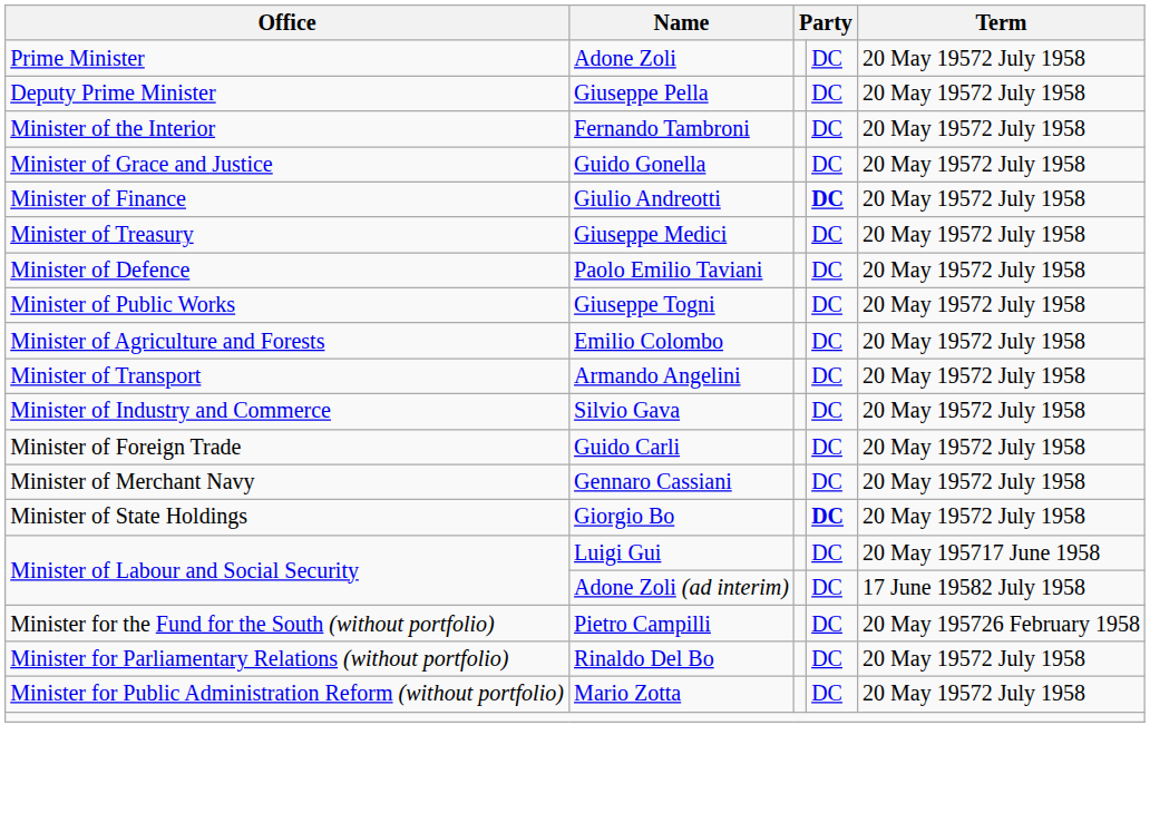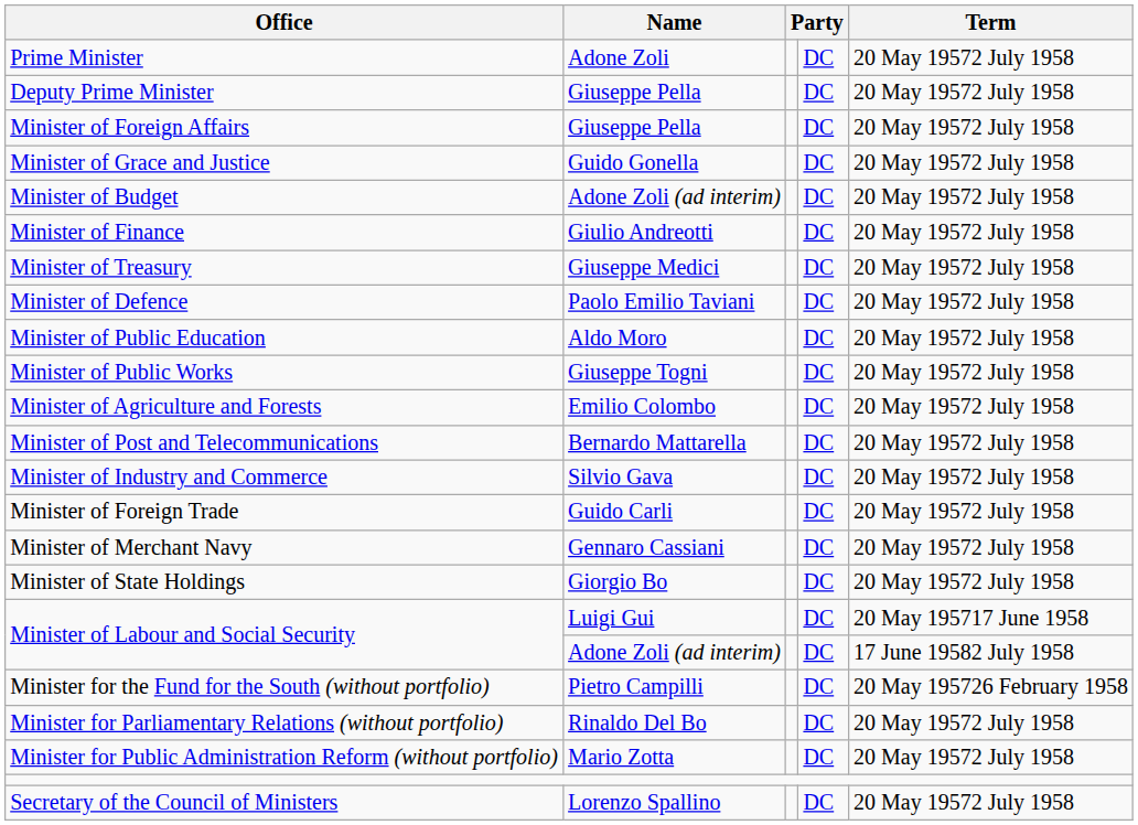 <table class="wikitable">
 <tr>
 <th>Office</th>
 <th>Name</th>
 <th colspan=2>Party</th>
 <th>Term</th>
 </tr>
 <tr>
 <td><a href='#'>Prime Minister</a></td>
 <td><a href='#'>Adone Zoli</a></td>
 <td></td>
 <td><a href='#'>DC</a></td>
 <td>20 May 19572 July 1958</td>
 </tr>
 <tr>
 <td><a href='#'>Deputy Prime Minister</a></td>
 <td><a href='#'>Giuseppe Pella</a></td>
 <td></td>
 <td><a href='#'>DC</a></td>
 <td>20 May 19572 July 1958</td>
 </tr>
 <tr>
-<td><a href='#'>Minister of the Interior</a></td>
-<td><a href='#'>Fernando Tambroni</a></td>
+<td><a href='#'>Minister of Foreign Affairs</a></td>
+<td><a href='#'>Giuseppe Pella</a></td>
 <td style="color:inherit;background:"></td>
 <td><a href='#'>DC</a></td>
 <td>20 May 19572 July 1958</td>
 </tr>
 <tr>
 <td><a href='#'>Minister of Grace and Justice</a></td>
 <td><a href='#'>Guido Gonella</a></td>
 <td style="color:inherit;background:"></td>
 <td><a href='#'>DC</a></td>
 <td>20 May 19572 July 1958</td>
 </tr>
 <tr>
+<td><a href='#'>Minister of Budget</a></td>
+<td><a href='#'>Adone Zoli</a> <em>(ad interim)</em></td>
+<td></td>
+<td><a href='#'>DC</a></td>
+<td>20 May 19572 July 1958</td>
+</tr>
+<tr>
 <td><a href='#'>Minister of Finance</a></td>
 <td><a href='#'>Giulio Andreotti</a></td>
 <td style="color:inherit;background:"></td>
-<td><strong><a href='#'>DC</a></strong></td>
+<td><a href='#'>DC</a></td>
 <td>20 May 19572 July 1958</td>
 </tr>
 <tr>
 <td><a href='#'>Minister of Treasury</a></td>
 <td><a href='#'>Giuseppe Medici</a></td>
 <td></td>
 <td><a href='#'>DC</a></td>
 <td>20 May 19572 July 1958</td>
 </tr>
 <tr>
 <td><a href='#'>Minister of Defence</a></td>
 <td><a href='#'>Paolo Emilio Taviani</a></td>
+<td style="color:inherit;background:"></td>
+<td><a href='#'>DC</a></td>
+<td>20 May 19572 July 1958</td>
+</tr>
+<tr>
+<td><a href='#'>Minister of Public Education</a></td>
+<td><a href='#'>Aldo Moro</a></td>
 <td style="color:inherit;background:"></td>
 <td><a href='#'>DC</a></td>
 <td>20 May 19572 July 1958</td>
 </tr>
 <tr>
 <td><a href='#'>Minister of Public Works</a></td>
 <td><a href='#'>Giuseppe Togni</a></td>
 <td style="color:inherit;background:"></td>
 <td><a href='#'>DC</a></td>
 <td>20 May 19572 July 1958</td>
 </tr>
 <tr>
 <td><a href='#'>Minister of Agriculture and Forests</a></td>
 <td><a href='#'>Emilio Colombo</a></td>
 <td style="color:inherit;background:"></td>
 <td><a href='#'>DC</a></td>
 <td>20 May 19572 July 1958</td>
 </tr>
 <tr>
-<td><a href='#'>Minister of Transport</a></td>
-<td><a href='#'>Armando Angelini</a></td>
+<td><a href='#'>Minister of Post and Telecommunications</a></td>
+<td><a href='#'>Bernardo Mattarella</a></td>
 <td style="color:inherit;background:"></td>
 <td><a href='#'>DC</a></td>
 <td>20 May 19572 July 1958</td>
 </tr>
 <tr>
 <td><a href='#'>Minister of Industry and Commerce</a></td>
 <td><a href='#'>Silvio Gava</a></td>
 <td style="color:inherit;background:"></td>
 <td><a href='#'>DC</a></td>
 <td>20 May 19572 July 1958</td>
 </tr>
 <tr>
 <td>Minister of Foreign Trade</td>
 <td><a href='#'>Guido Carli</a></td>
 <td></td>
 <td><a href='#'>DC</a></td>
 <td>20 May 19572 July 1958</td>
 </tr>
 <tr>
 <td>Minister of Merchant Navy</td>
 <td><a href='#'>Gennaro Cassiani</a></td>
 <td></td>
 <td><a href='#'>DC</a></td>
 <td>20 May 19572 July 1958</td>
 </tr>
 <tr>
 <td>Minister of State Holdings</td>
 <td><a href='#'>Giorgio Bo</a></td>
 <td style="color:inherit;background:"></td>
-<td><strong><a href='#'>DC</a></strong></td>
+<td><a href='#'>DC</a></td>
 <td>20 May 19572 July 1958</td>
 </tr>
 <tr>
 <td rowspan=2><a href='#'>Minister of Labour and Social Security</a></td>
 <td><a href='#'>Luigi Gui</a></td>
 <td style="color:inherit;background:"></td>
 <td><a href='#'>DC</a></td>
 <td>20 May 195717 June 1958</td>
 </tr>
 <tr>
 <td><a href='#'>Adone Zoli</a> <em>(ad interim)</em></td>
 <td style="color:inherit;background:"></td>
 <td><a href='#'>DC</a></td>
 <td>17 June 19582 July 1958</td>
 </tr>
 <tr>
 <td>Minister for the <a href='#'>Fund for the South</a> <em>(without portfolio)</em></td>
 <td><a href='#'>Pietro Campilli</a></td>
 <td style="color:inherit;background:"></td>
 <td><a href='#'>DC</a></td>
 <td>20 May 195726 February 1958</td>
 </tr>
 <tr>
 <td><a href='#'>Minister for Parliamentary Relations</a> <em>(without portfolio)</em></td>
 <td><a href='#'>Rinaldo Del Bo</a></td>
 <td style="color:inherit;background:"></td>
 <td><a href='#'>DC</a></td>
 <td>20 May 19572 July 1958</td>
 </tr>
 <tr>
 <td><a href='#'>Minister for Public Administration Reform</a> <em>(without portfolio)</em></td>
 <td><a href='#'>Mario Zotta</a></td>
 <td style="color:inherit;background:"></td>
 <td><a href='#'>DC</a></td>
 <td>20 May 19572 July 1958</td>
 </tr>
 <tr>
 <td colspan="5"></td>
 </tr>
+<tr>
+<td><a href='#'>Secretary of the Council of Ministers</a></td>
+<td><a href='#'>Lorenzo Spallino</a></td>
+<td style="color:inherit;background:"></td>
+<td><a href='#'>DC</a></td>
+<td>20 May 19572 July 1958</td>
+</tr>
 </table>
